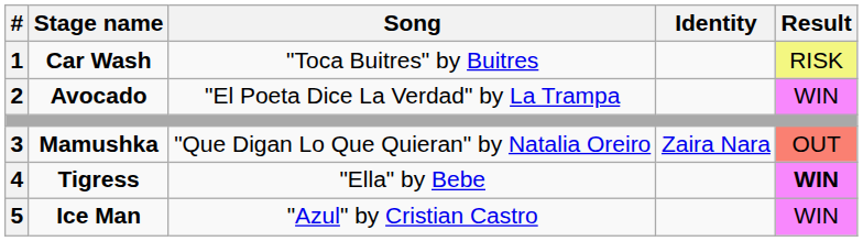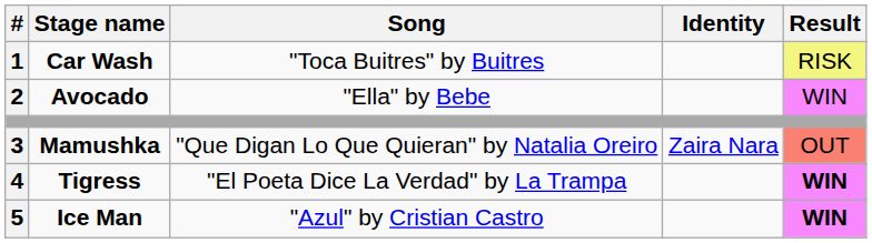 <table class="wikitable plainrowheaders" style="text-align: center;">
 <tr>
 <th>#</th>
 <th>Stage name</th>
 <th>Song</th>
 <th>Identity</th>
 <th>Result</th>
 </tr>
 <tr>
 <th><strong>1</strong></th>
 <td><strong>Car Wash</strong></td>
 <td>"Toca Buitres" by <a href='#'>Buitres</a></td>
 <td></td>
 <td bgcolor="#F3F781">RISK</td>
 </tr>
 <tr>
 <th><strong>2</strong></th>
 <td><strong>Avocado</strong></td>
-<td>"El Poeta Dice La Verdad" by <a href='#'>La Trampa</a></td>
+<td>"Ella" by <a href='#'>Bebe</a></td>
 <td></td>
 <td bgcolor="#F888FD">WIN</td>
 </tr>
 <tr>
 <td colspan="5" style="background:darkgray"></td>
 </tr>
 <tr>
 <th><strong>3</strong></th>
 <td><strong>Mamushka</strong></td>
 <td>"Que Digan Lo Que Quieran" by <a href='#'>Natalia Oreiro</a></td>
 <td><a href='#'>Zaira Nara</a></td>
 <td bgcolor="salmon">OUT</td>
 </tr>
 <tr>
 <th><strong>4</strong></th>
 <td><strong>Tigress</strong></td>
-<td>"Ella" by <a href='#'>Bebe</a></td>
+<td>"El Poeta Dice La Verdad" by <a href='#'>La Trampa</a></td>
 <td></td>
 <td bgcolor="#F888FD"><strong>WIN</strong></td>
 </tr>
 <tr>
 <th><strong>5</strong></th>
 <td><strong>Ice Man</strong></td>
 <td>"<a href='#'>Azul</a>" by <a href='#'>Cristian Castro</a></td>
 <td></td>
-<td bgcolor="#F888FD">WIN</td>
+<td bgcolor="#F888FD"><strong>WIN</strong></td>
 </tr>
 </table>
